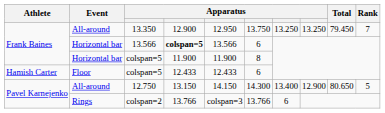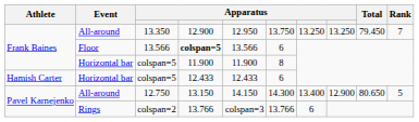 <table class="wikitable" style="font-size:90%">
 <tr>
 <th rowspan=2>Athlete</th>
 <th rowspan=2>Event</th>
 <th colspan=6>Apparatus</th>
 <th rowspan=2>Total</th>
 <th rowspan=2>Rank</th>
 </tr>
 <tr style="font-size:95%">
 <th></th>
 <th></th>
 <th></th>
 <th></th>
 <th></th>
 <th></th>
 </tr>
 <tr align=center>
 <td align=left rowspan=3><a href='#'>Frank Baines</a></td>
 <td align=left><a href='#'>All-around</a></td>
 <td>13.350</td>
 <td>12.900</td>
 <td>12.950</td>
 <td>13.750</td>
 <td>13.250</td>
 <td>13.250</td>
 <td>79.450</td>
 <td>7</td>
 </tr>
 <tr align=center>
-<td align=left><a href='#'>Horizontal bar</a></td>
+<td align=left><a href='#'>Floor</a></td>
 <td>13.566</td>
 <td><strong>colspan=5 </strong></td>
 <td>13.566</td>
 <td>6</td>
 </tr>
 <tr align=center>
 <td align=left><a href='#'>Horizontal bar</a></td>
 <td>colspan=5 </td>
 <td>11.900</td>
 <td>11.900</td>
 <td>8</td>
 </tr>
 <tr align=center>
 <td align=left><a href='#'>Hamish Carter</a></td>
-<td align=left><a href='#'>Floor</a></td>
+<td align=left><a href='#'>Horizontal bar</a></td>
 <td>colspan=5 </td>
 <td>12.433</td>
 <td>12.433</td>
 <td>6</td>
 </tr>
 <tr align=center>
 <td align=left rowspan=2><a href='#'>Pavel Karnejenko</a></td>
 <td align=left><a href='#'>All-around</a></td>
 <td>12.750</td>
 <td>13.150</td>
 <td>14.150</td>
 <td>14.300</td>
 <td>13.400</td>
 <td>12.900</td>
 <td>80.650</td>
 <td>5</td>
 </tr>
 <tr align=center>
 <td align=left><a href='#'>Rings</a></td>
 <td>colspan=2 </td>
 <td>13.766</td>
 <td>colspan=3 </td>
 <td>13.766</td>
 <td>6</td>
 </tr>
 </table>
